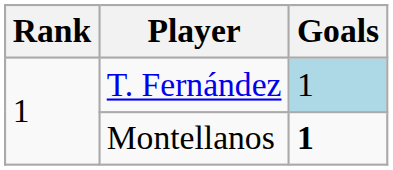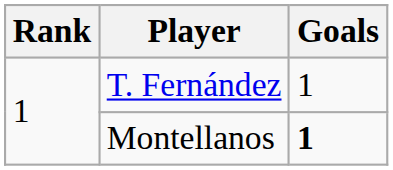 <table class="wikitable">
 <tr>
 <th>Rank</th>
 <th>Player</th>
 <th>Goals</th>
 </tr>
 <tr>
 <td rowspan="2">1</td>
 <td><a href='#'>T. Fernández</a></td>
-<td style="background: lightblue;">1</td>
+<td>1</td>
 </tr>
 <tr>
 <td>Montellanos</td>
 <td><strong>1</strong></td>
 </tr>
 </table>
